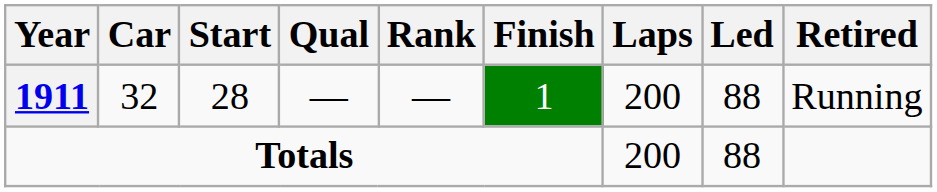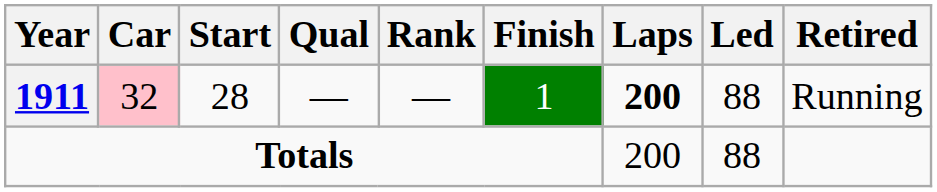 <table class="wikitable" style="text-align:center">
 <tr>
 <th>Year</th>
 <th>Car</th>
 <th>Start</th>
 <th>Qual</th>
 <th>Rank</th>
 <th>Finish</th>
 <th>Laps</th>
 <th>Led</th>
 <th>Retired</th>
 </tr>
 <tr>
 <th><a href='#'>1911</a></th>
-<td>32</td>
+<td style="background: pink;">32</td>
 <td>28</td>
 <td>—</td>
 <td>—</td>
 <td style="background:green;color:white">1</td>
-<td>200</td>
+<td><strong>200</strong></td>
 <td>88</td>
 <td>Running</td>
 </tr>
 <tr>
 <td colspan=6><strong>Totals</strong></td>
 <td>200</td>
 <td>88</td>
 <td></td>
 </tr>
 </table>
